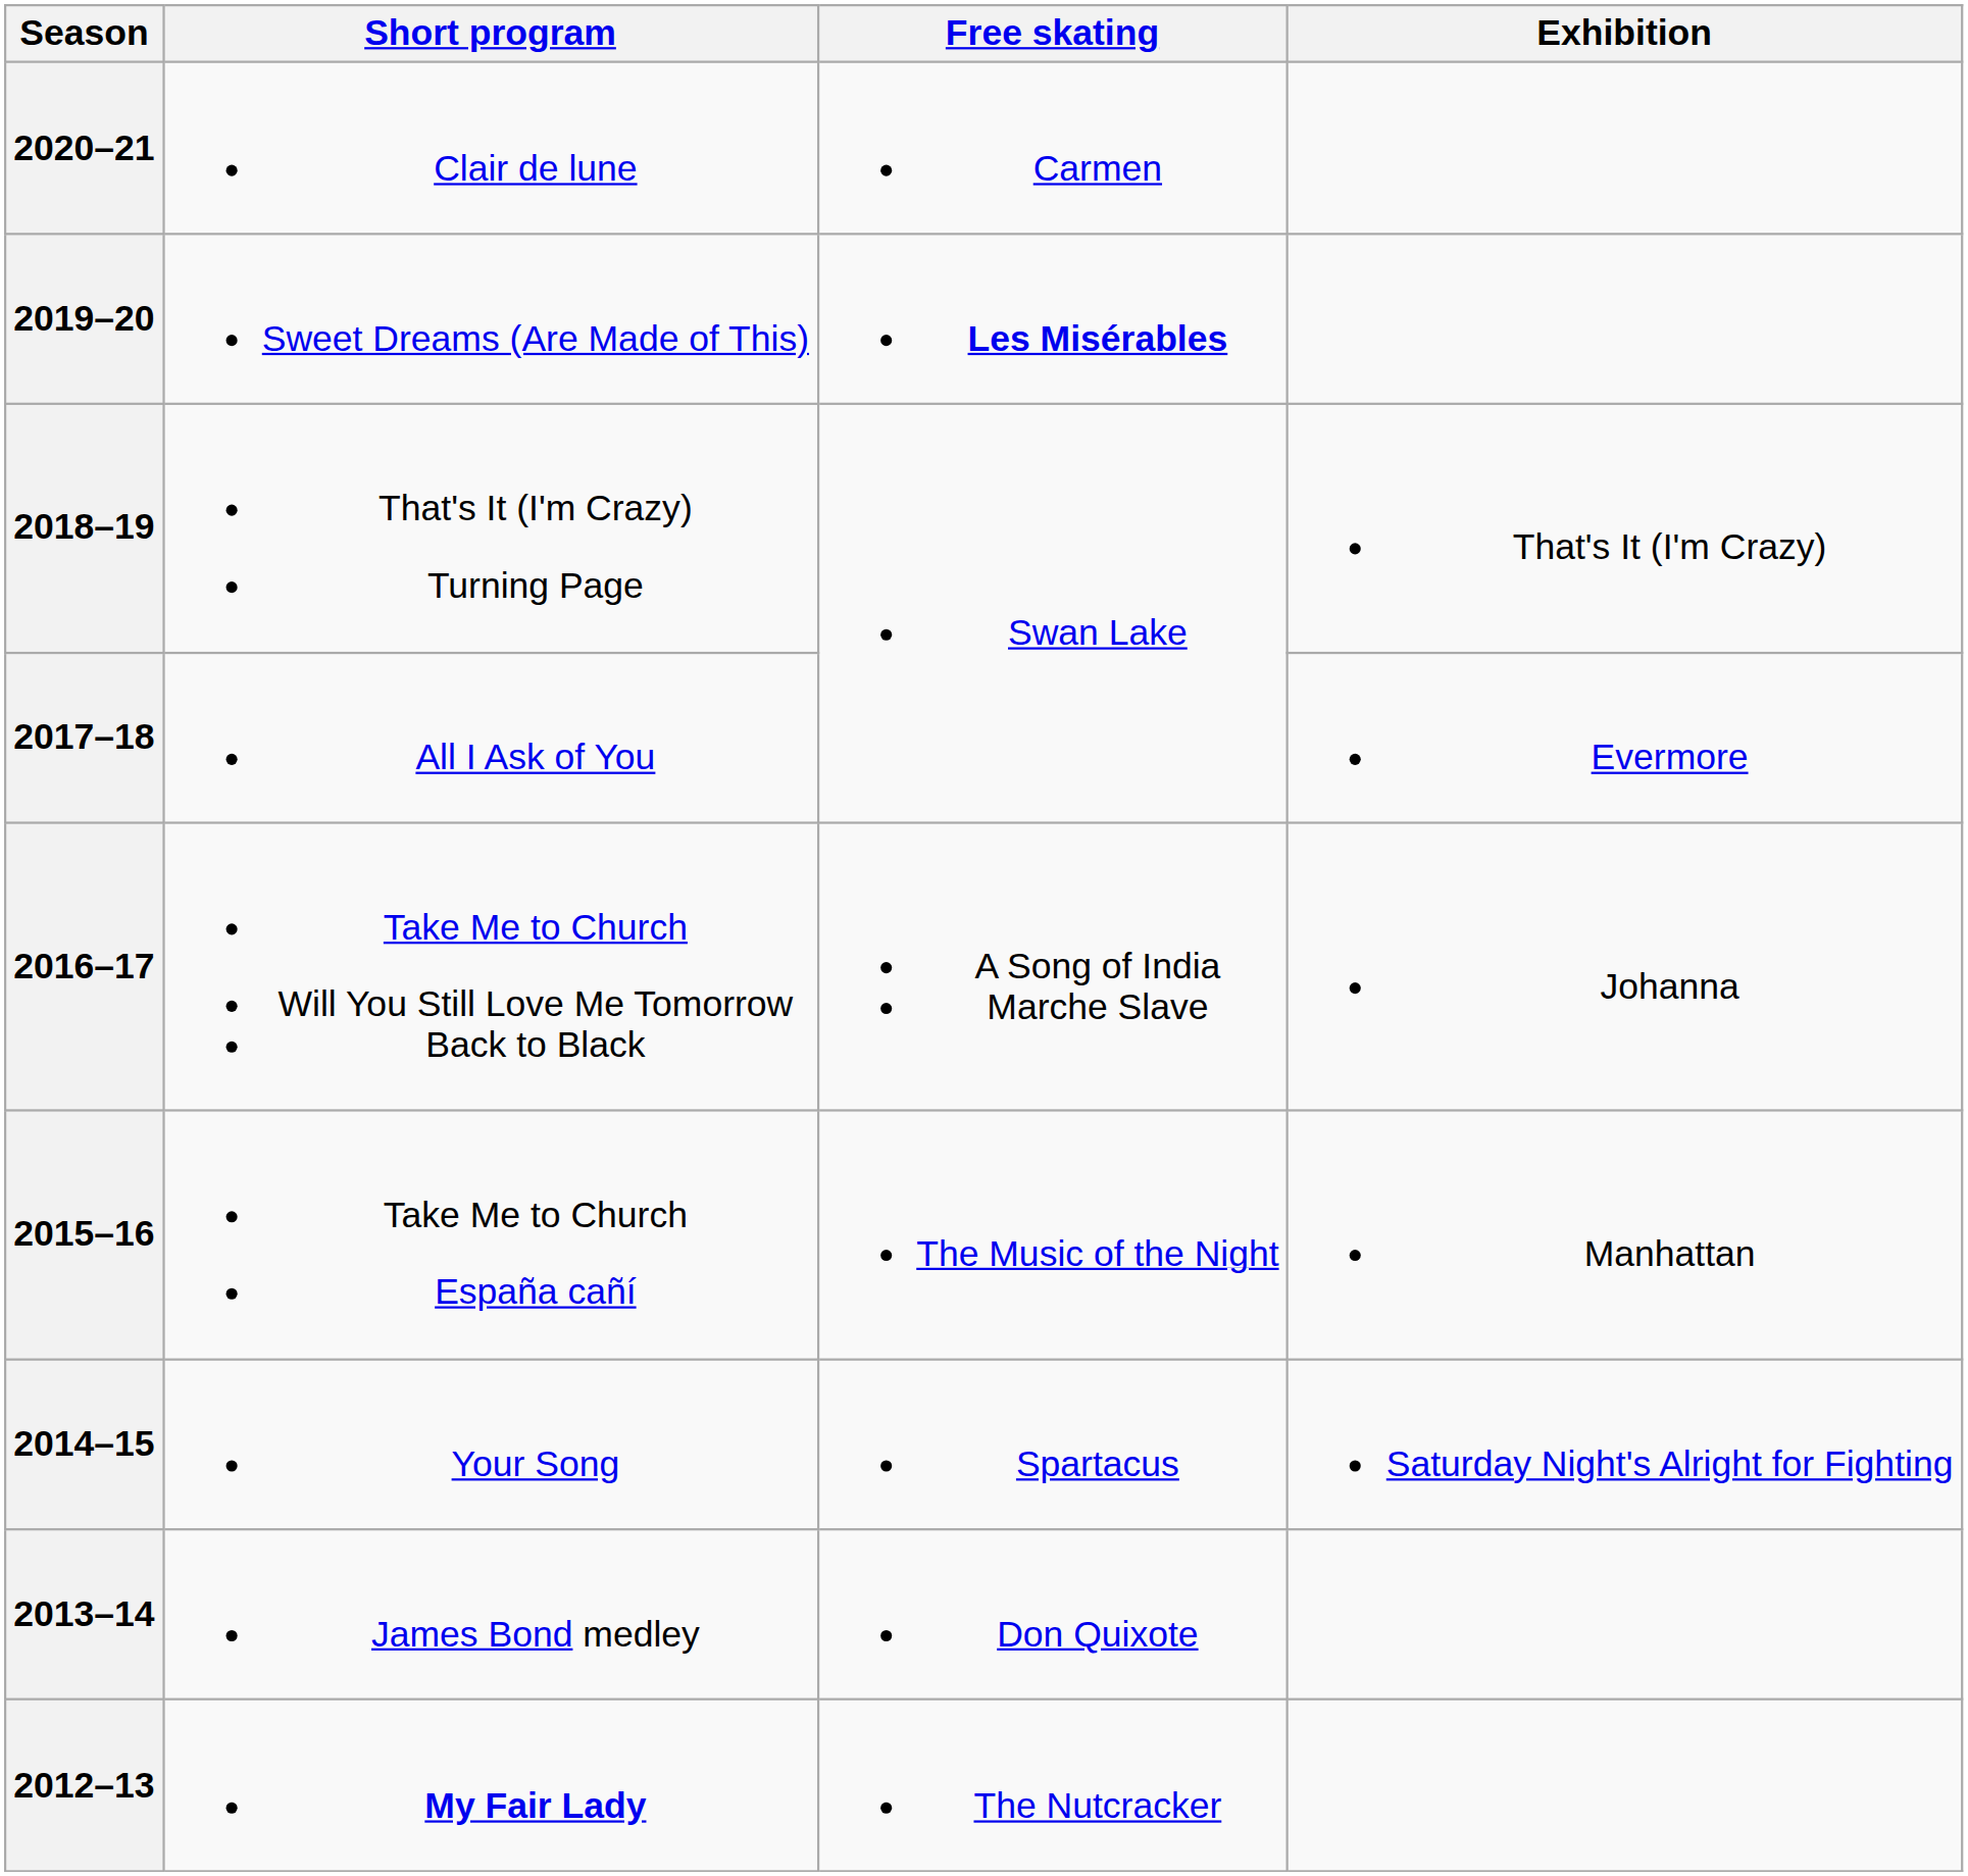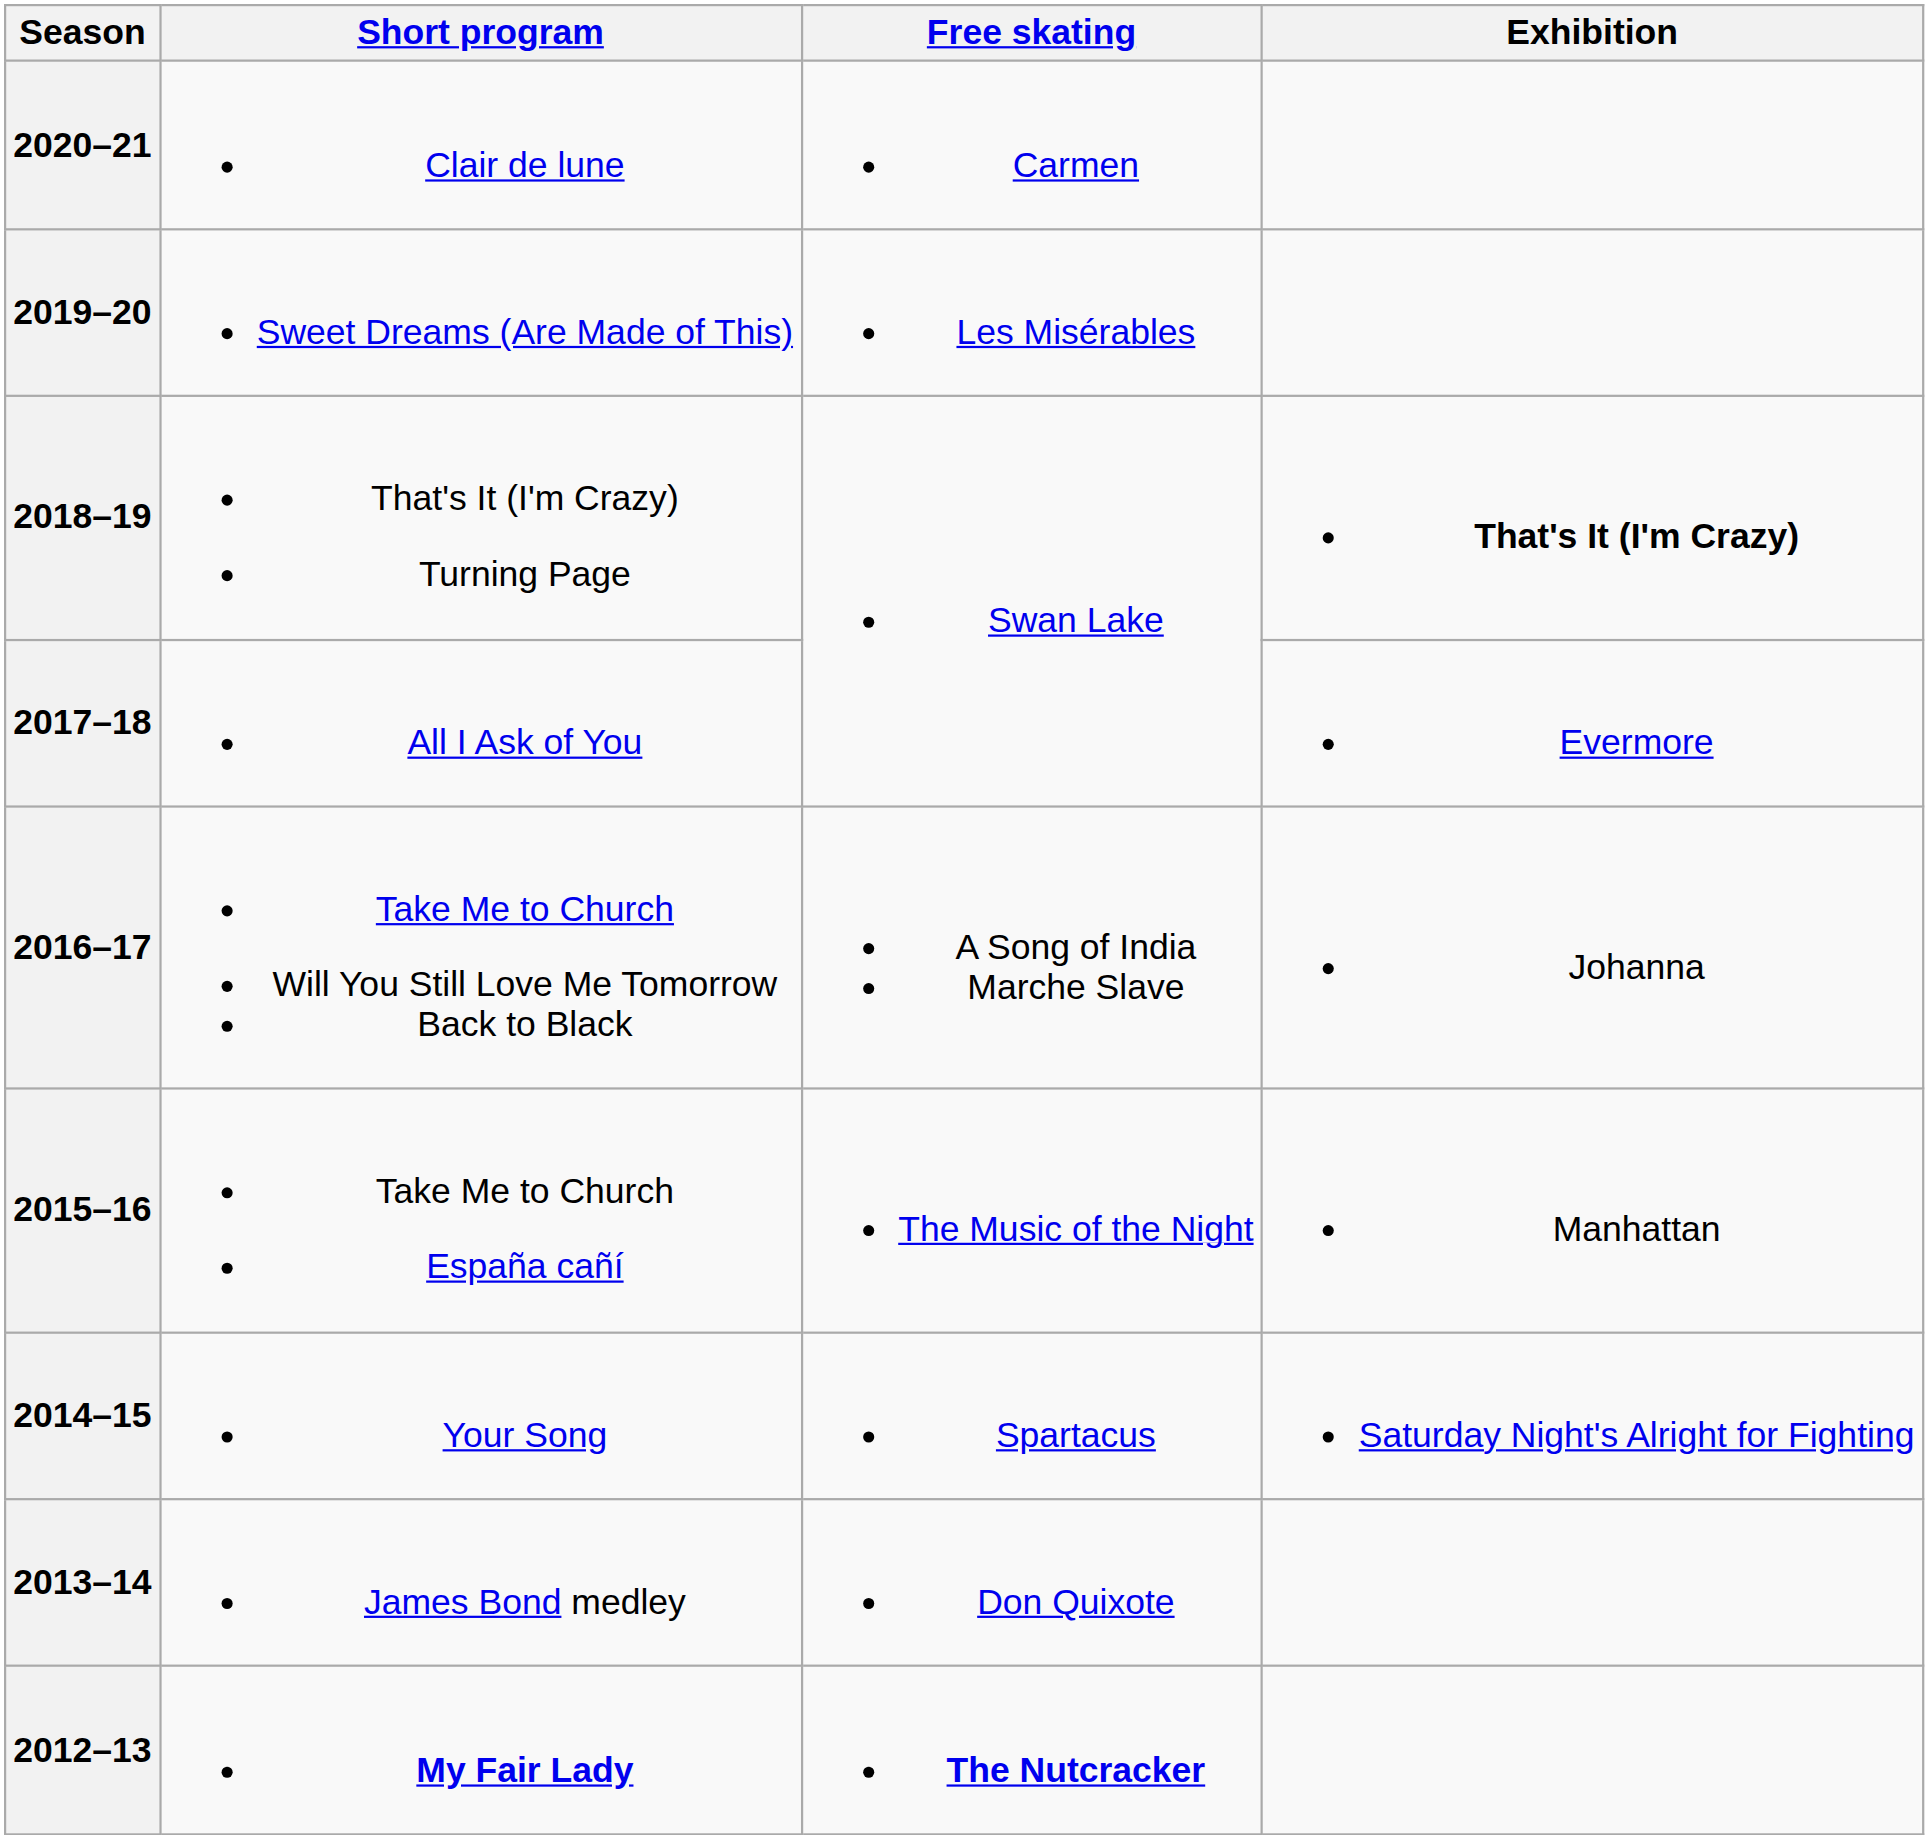 <table class=wikitable style=text-align:center>
 <tr>
 <th>Season</th>
 <th><a href='#'>Short program</a></th>
 <th><a href='#'>Free skating</a></th>
 <th>Exhibition</th>
 </tr>
 <tr>
 <th>2020–21 <br> </th>
 <td><br><ul><li><a href='#'>Clair de lune</a> <br> </li></ul></td>
 <td><br><ul><li><a href='#'>Carmen</a> <br> </li></ul></td>
 <td></td>
 </tr>
 <tr>
 <th>2019–20 <br> </th>
 <td><br><ul><li><a href='#'>Sweet Dreams (Are Made of This)</a> <br> </li></ul></td>
-<td><strong><br><ul><li><a href='#'>Les Misérables</a> <br> </li></ul></strong></td>
+<td><br><ul><li><a href='#'>Les Misérables</a> <br> </li></ul></td>
 <td></td>
 </tr>
 <tr>
 <th>2018–19 <br> </th>
 <td><br><ul><li>That's It (I'm Crazy) <br></li></ul><ul><li>Turning Page <br></li></ul></td>
 <td rowspan=2><br><ul><li><a href='#'>Swan Lake</a> <br></li></ul></td>
-<td><br><ul><li>That's It (I'm Crazy) <br></li></ul></td>
+<td><strong><br><ul><li>That's It (I'm Crazy) <br></li></ul></strong></td>
 </tr>
 <tr>
 <th>2017–18 <br> </th>
 <td><br><ul><li><a href='#'>All I Ask of You</a> <br></li></ul></td>
 <td><br><ul><li><a href='#'>Evermore</a> <br></li></ul></td>
 </tr>
 <tr>
 <th>2016–17 <br> </th>
 <td><br><ul><li><a href='#'>Take Me to Church</a> <br></li></ul><ul><li>Will You Still Love Me Tomorrow</li><li>Back to Black <br></li></ul></td>
 <td><br><ul><li>A Song of India <br></li><li>Marche Slave <br></li></ul></td>
 <td><br><ul><li>Johanna <br></li></ul></td>
 </tr>
 <tr>
 <th>2015–16 <br> </th>
 <td><br><ul><li>Take Me to Church <br></li></ul><ul><li><a href='#'>España cañí</a> <br></li></ul></td>
 <td><br><ul><li><a href='#'>The Music of the Night</a> <br></li></ul></td>
 <td><br><ul><li>Manhattan <br></li></ul></td>
 </tr>
 <tr>
 <th>2014–15 <br> </th>
 <td><br><ul><li><a href='#'>Your Song</a> <br></li></ul></td>
 <td><br><ul><li><a href='#'>Spartacus</a> <br></li></ul></td>
 <td><br><ul><li><a href='#'>Saturday Night's Alright for Fighting</a> <br></li></ul></td>
 </tr>
 <tr>
 <th>2013–14 <br> </th>
 <td><br><ul><li><a href='#'>James Bond</a> medley <br></li></ul></td>
 <td><br><ul><li><a href='#'>Don Quixote</a> <br></li></ul></td>
 <td></td>
 </tr>
 <tr>
 <th>2012–13 <br> </th>
 <td><strong><br><ul><li><a href='#'>My Fair Lady</a> <br></li></ul></strong></td>
-<td><br><ul><li><a href='#'>The Nutcracker</a> <br></li></ul></td>
+<td><strong><br><ul><li><a href='#'>The Nutcracker</a> <br></li></ul></strong></td>
 <td></td>
 </tr>
 </table>
